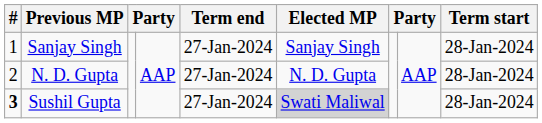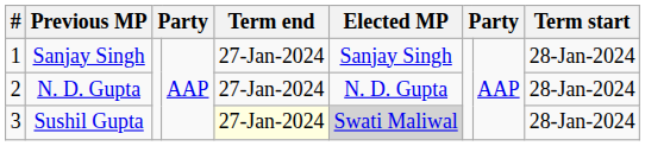 <table class="wikitable" style="text-align:center;">
 <tr>
 <th>#</th>
 <th>Previous MP</th>
 <th colspan="2">Party</th>
 <th>Term end</th>
 <th>Elected MP</th>
 <th colspan="2">Party</th>
 <th>Term start</th>
 </tr>
 <tr>
 <td>1</td>
 <td><a href='#'>Sanjay Singh</a></td>
 <td rowspan=3 style="background-color:"></td>
 <td rowspan=3><a href='#'>AAP</a></td>
 <td>27-Jan-2024</td>
 <td><a href='#'>Sanjay Singh</a></td>
 <td rowspan=3 style="background-color:"></td>
 <td rowspan=3><a href='#'>AAP</a></td>
 <td>28-Jan-2024</td>
 </tr>
 <tr>
 <td>2</td>
 <td><a href='#'>N. D. Gupta</a></td>
 <td>27-Jan-2024</td>
 <td><a href='#'>N. D. Gupta</a></td>
 <td>28-Jan-2024</td>
 </tr>
 <tr>
-<td><strong>3</strong></td>
+<td>3</td>
 <td><a href='#'>Sushil Gupta</a></td>
-<td>27-Jan-2024</td>
+<td style="background: lightyellow;">27-Jan-2024</td>
 <td style="background: lightgrey;"><a href='#'>Swati Maliwal</a></td>
 <td>28-Jan-2024</td>
 </tr>
 </table>
